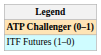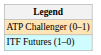 <table class=wikitable style=font-size:97%>
 <tr>
 <th>Legend</th>
 </tr>
 <tr bgcolor=moccasin>
-<td><strong>ATP Challenger (0–1)</strong></td>
+<td>ATP Challenger (0–1)</td>
 </tr>
 <tr bgcolor=cffcff>
 <td>ITF Futures (1–0)</td>
 </tr>
 </table>
